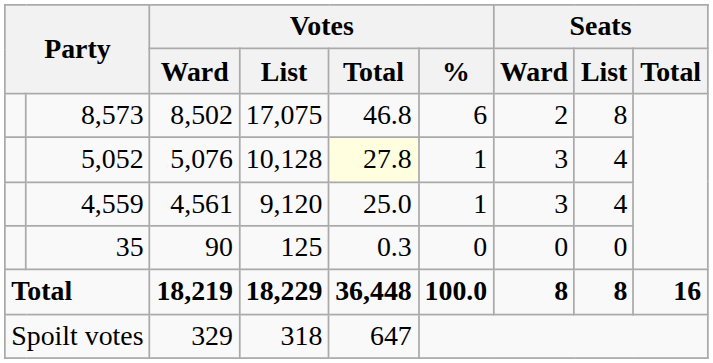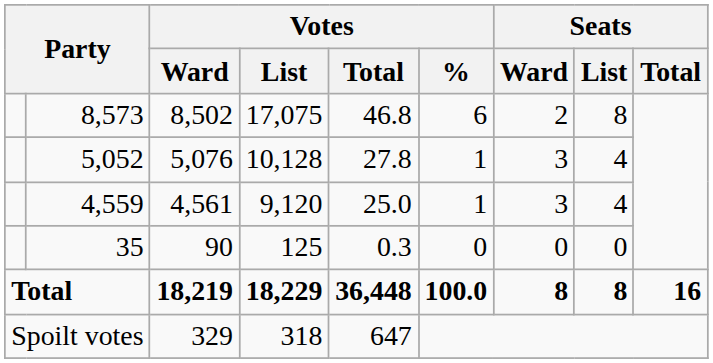 <table class=wikitable style="text-align:right">
 <tr>
 <th rowspan="2" colspan="2">Party</th>
 <th colspan="4" align="center">Votes</th>
 <th colspan="3" align="center">Seats</th>
 </tr>
 <tr>
 <th>Ward</th>
 <th>List</th>
 <th>Total</th>
 <th>%</th>
 <th>Ward</th>
 <th>List</th>
 <th>Total</th>
 </tr>
 <tr>
 <td></td>
 <td>8,573</td>
 <td>8,502</td>
 <td>17,075</td>
 <td>46.8</td>
 <td>6</td>
 <td>2</td>
 <td>8</td>
 </tr>
 <tr>
 <td></td>
 <td>5,052</td>
 <td>5,076</td>
 <td>10,128</td>
-<td style="background: lightyellow;">27.8</td>
+<td>27.8</td>
 <td>1</td>
 <td>3</td>
 <td>4</td>
 </tr>
 <tr>
 <td></td>
 <td>4,559</td>
 <td>4,561</td>
 <td>9,120</td>
 <td>25.0</td>
 <td>1</td>
 <td>3</td>
 <td>4</td>
 </tr>
 <tr>
 <td></td>
 <td>35</td>
 <td>90</td>
 <td>125</td>
 <td>0.3</td>
 <td>0</td>
 <td>0</td>
 <td>0</td>
 </tr>
 <tr>
 <td colspan="2" style="text-align:left"><strong>Total</strong></td>
 <td><strong>18,219</strong></td>
 <td><strong>18,229</strong></td>
 <td><strong>36,448</strong></td>
 <td><strong>100.0</strong></td>
 <td><strong>8</strong></td>
 <td><strong>8</strong></td>
 <td><strong>16</strong></td>
 </tr>
 <tr>
 <td colspan="2" style="text-align:left">Spoilt votes</td>
 <td>329</td>
 <td>318</td>
 <td>647</td>
 </tr>
 </table>
